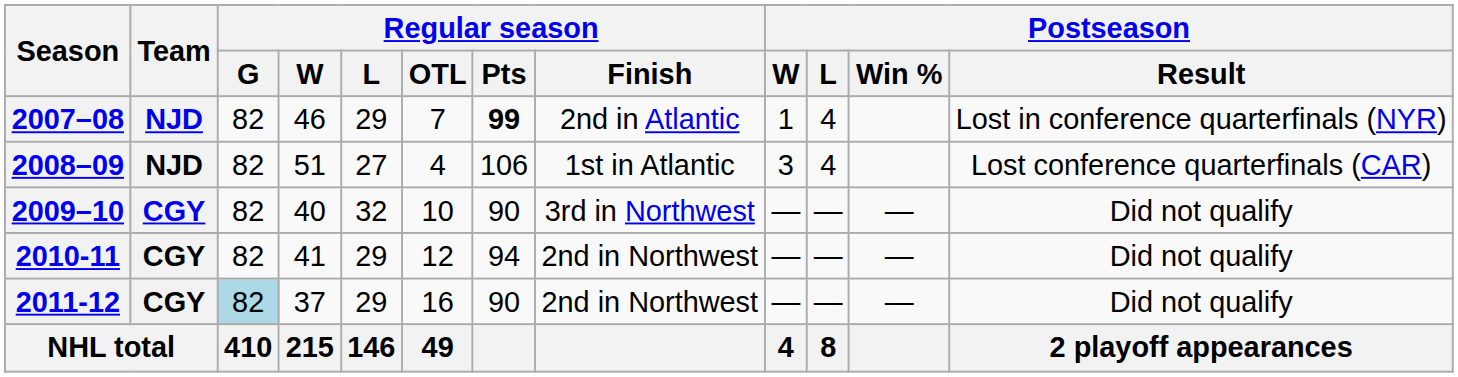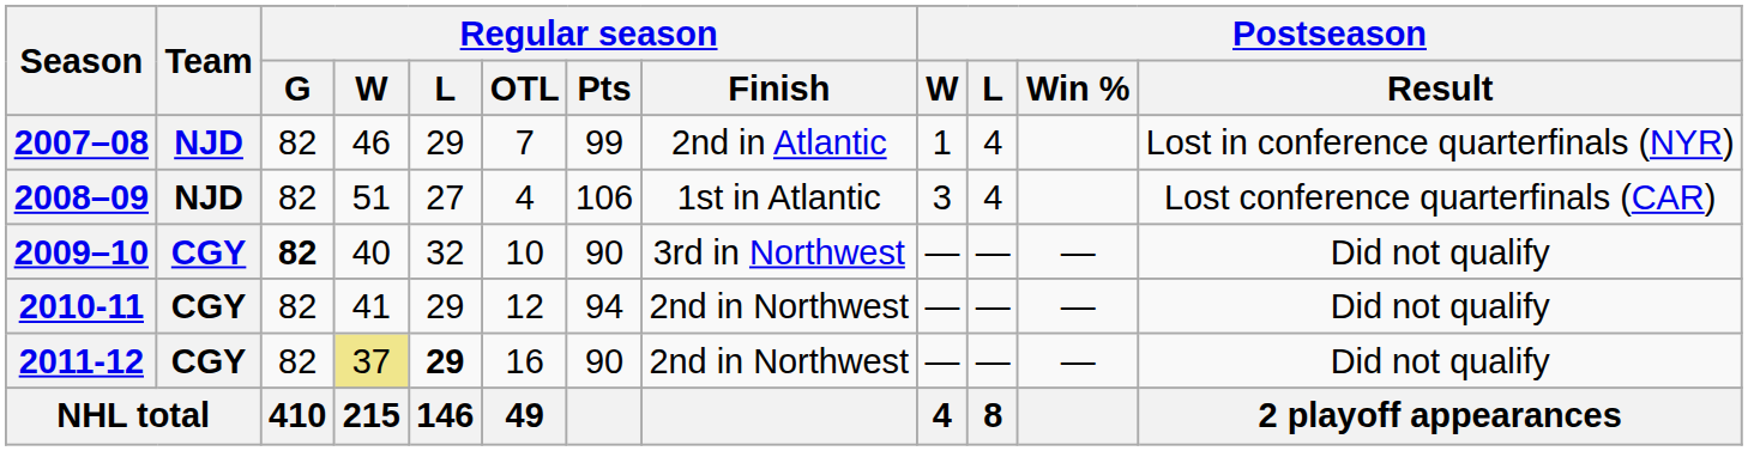 <table class="wikitable" style="font-size:95%; text-align:center;">
 <tr>
 <th rowspan="2">Season</th>
 <th rowspan="2">Team</th>
 <th colspan="6"><a href='#'>Regular season</a></th>
 <th colspan="4"><a href='#'>Postseason</a></th>
 </tr>
 <tr>
 <th>G</th>
 <th>W</th>
 <th>L</th>
 <th>OTL</th>
 <th>Pts</th>
 <th>Finish</th>
 <th>W</th>
 <th>L</th>
 <th>Win %</th>
 <th>Result</th>
 </tr>
 <tr>
 <th><a href='#'>2007–08</a></th>
 <th><a href='#'>NJD</a></th>
 <td>82</td>
 <td>46</td>
 <td>29</td>
 <td>7</td>
-<td><strong>99</strong></td>
+<td>99</td>
 <td>2nd in <a href='#'>Atlantic</a></td>
 <td>1</td>
 <td>4</td>
 <td></td>
 <td>Lost in conference quarterfinals (<a href='#'>NYR</a>)</td>
 </tr>
 <tr>
 <th><a href='#'>2008–09</a></th>
 <th>NJD</th>
 <td>82</td>
 <td>51</td>
 <td>27</td>
 <td>4</td>
 <td>106</td>
 <td>1st in Atlantic</td>
 <td>3</td>
 <td>4</td>
 <td></td>
 <td>Lost conference quarterfinals (<a href='#'>CAR</a>)</td>
 </tr>
 <tr>
 <th><a href='#'>2009–10</a></th>
 <th><a href='#'>CGY</a></th>
-<td>82</td>
+<td><strong>82</strong></td>
 <td>40</td>
 <td>32</td>
 <td>10</td>
 <td>90</td>
 <td>3rd in <a href='#'>Northwest</a></td>
 <td>—</td>
 <td>—</td>
 <td>—</td>
 <td>Did not qualify</td>
 </tr>
 <tr>
 <th><a href='#'>2010-11</a></th>
 <th>CGY</th>
 <td>82</td>
 <td>41</td>
 <td>29</td>
 <td>12</td>
 <td>94</td>
 <td>2nd in Northwest</td>
 <td>—</td>
 <td>—</td>
 <td>—</td>
 <td>Did not qualify</td>
 </tr>
 <tr>
 <th><a href='#'>2011-12</a></th>
 <th>CGY</th>
-<td style="background: lightblue;">82</td>
-<td>37</td>
-<td>29</td>
+<td>82</td>
+<td style="background: khaki;">37</td>
+<td><strong>29</strong></td>
 <td>16</td>
 <td>90</td>
 <td>2nd in Northwest</td>
 <td>—</td>
 <td>—</td>
 <td>—</td>
 <td>Did not qualify</td>
 </tr>
 <tr>
 <th colspan="2">NHL total</th>
 <th>410</th>
 <th>215</th>
 <th>146</th>
 <th>49</th>
 <th> </th>
 <th> </th>
 <th>4</th>
 <th>8</th>
 <th></th>
 <th>2 playoff appearances</th>
 </tr>
 </table>
